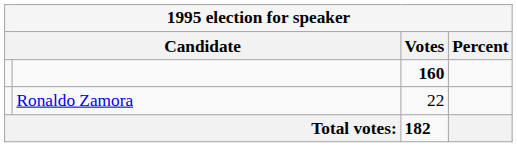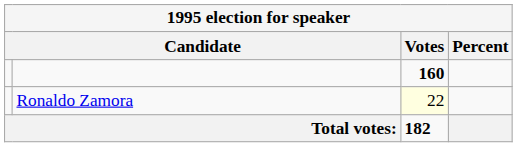 <table class="wikitable">
 <tr>
 <th colspan=4 style="background:#f5f5f5">1995 election for speaker</th>
 </tr>
 <tr>
 <th colspan=2>Candidate</th>
 <th>Votes</th>
 <th>Percent</th>
 </tr>
 <tr>
 <td style="background-color: "></td>
 <td style="width: 22em;"></td>
 <td style="text-align:right"><strong>160</strong></td>
 <td style="text-align:right"><strong></strong></td>
 </tr>
 <tr>
 <td style="background-color: "></td>
 <td {{nowrap><a href='#'>Ronaldo Zamora</a> </td>
-<td style="text-align:right">22</td>
+<td style="background: lightyellow; text-align:right">22</td>
 <td style="text-align:right"></td>
 </tr>
 <tr>
 <th colspan=2 style="text-align:right">Total votes:</th>
 <td><strong>182</strong></td>
 <th></th>
 </tr>
 </table>
